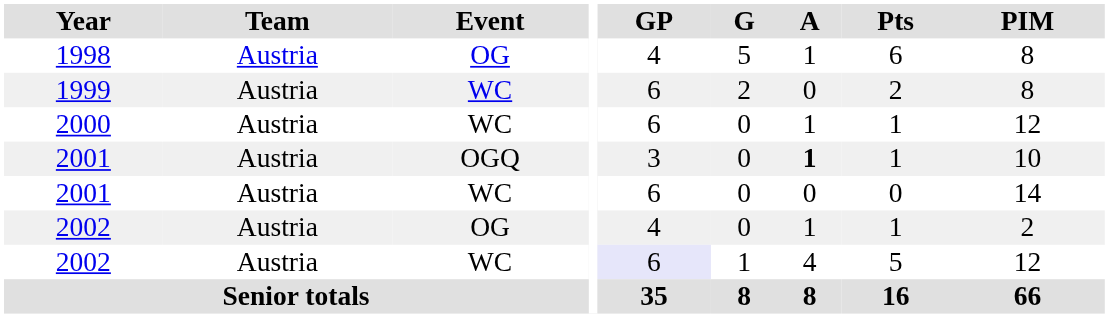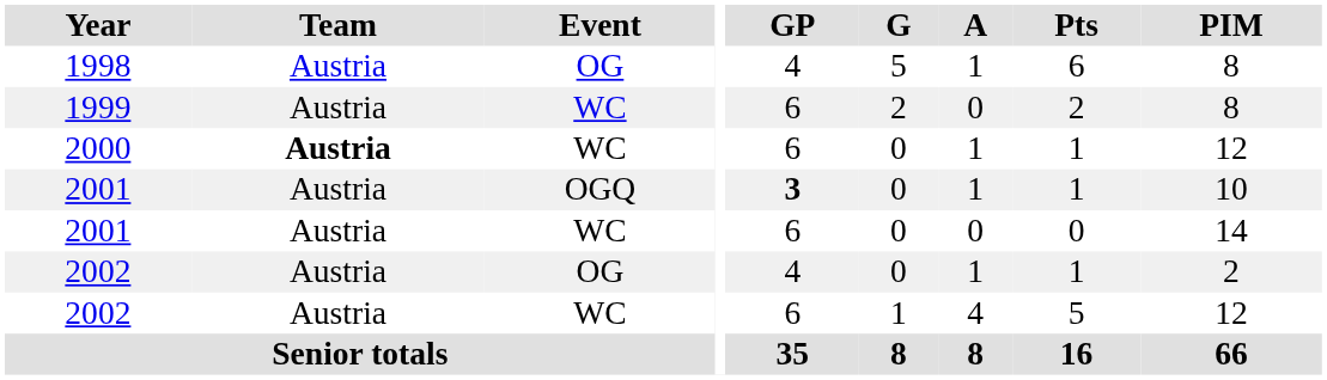 <table border="0" cellpadding="1" cellspacing="0" ID="Table3" style="text-align:center; width:40em">
 <tr bgcolor="#e0e0e0">
 <th>Year</th>
 <th>Team</th>
 <th>Event</th>
 <th rowspan="102" bgcolor="#ffffff"></th>
 <th>GP</th>
 <th>G</th>
 <th>A</th>
 <th>Pts</th>
 <th>PIM</th>
 </tr>
 <tr>
 <td><a href='#'>1998</a></td>
 <td><a href='#'>Austria</a></td>
 <td><a href='#'>OG</a></td>
 <td>4</td>
 <td>5</td>
 <td>1</td>
 <td>6</td>
 <td>8</td>
 </tr>
 <tr bgcolor="#f0f0f0">
 <td><a href='#'>1999</a></td>
 <td>Austria</td>
 <td><a href='#'>WC</a></td>
 <td>6</td>
 <td>2</td>
 <td>0</td>
 <td>2</td>
 <td>8</td>
 </tr>
 <tr>
 <td><a href='#'>2000</a></td>
-<td>Austria</td>
+<td><strong>Austria</strong></td>
 <td>WC</td>
 <td>6</td>
 <td>0</td>
 <td>1</td>
 <td>1</td>
 <td>12</td>
 </tr>
 <tr bgcolor="#f0f0f0">
 <td><a href='#'>2001</a></td>
 <td>Austria</td>
 <td>OGQ</td>
-<td>3</td>
+<td><strong>3</strong></td>
 <td>0</td>
-<td><strong>1</strong></td>
+<td>1</td>
 <td>1</td>
 <td>10</td>
 </tr>
 <tr>
 <td><a href='#'>2001</a></td>
 <td>Austria</td>
 <td>WC</td>
 <td>6</td>
 <td>0</td>
 <td>0</td>
 <td>0</td>
 <td>14</td>
 </tr>
 <tr bgcolor="#f0f0f0">
 <td><a href='#'>2002</a></td>
 <td>Austria</td>
 <td>OG</td>
 <td>4</td>
 <td>0</td>
 <td>1</td>
 <td>1</td>
 <td>2</td>
 </tr>
 <tr>
 <td><a href='#'>2002</a></td>
 <td>Austria</td>
 <td>WC</td>
-<td style="background: lavender;">6</td>
+<td>6</td>
 <td>1</td>
 <td>4</td>
 <td>5</td>
 <td>12</td>
 </tr>
 <tr bgcolor="#e0e0e0">
 <th colspan="3">Senior totals</th>
 <th>35</th>
 <th>8</th>
 <th>8</th>
 <th>16</th>
 <th>66</th>
 </tr>
 </table>
